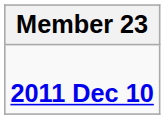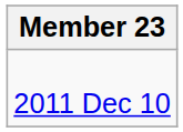 <table class=wikitable align=right>
 <tr>
 <th>Member 23</th>
 </tr>
 <tr>
-<td><strong><br><a href='#'>2011 Dec 10</a></strong></td>
+<td><br><a href='#'>2011 Dec 10</a></td>
 </tr>
 </table>
